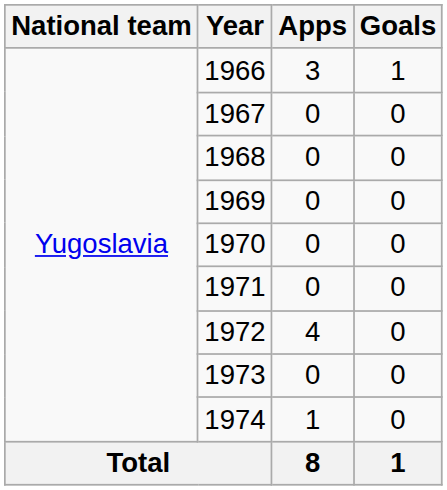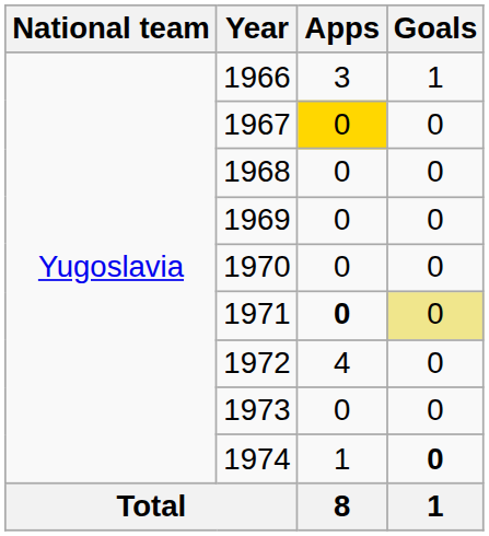 <table class="wikitable" style="text-align:center">
 <tr>
 <th>National team</th>
 <th>Year</th>
 <th>Apps</th>
 <th>Goals</th>
 </tr>
 <tr>
 <td rowspan="9"><a href='#'>Yugoslavia</a></td>
 <td>1966</td>
 <td>3</td>
 <td>1</td>
 </tr>
 <tr>
 <td>1967</td>
-<td>0</td>
+<td style="background: gold;">0</td>
 <td>0</td>
 </tr>
 <tr>
 <td>1968</td>
 <td>0</td>
 <td>0</td>
 </tr>
 <tr>
 <td>1969</td>
 <td>0</td>
 <td>0</td>
 </tr>
 <tr>
 <td>1970</td>
 <td>0</td>
 <td>0</td>
 </tr>
 <tr>
 <td>1971</td>
-<td>0</td>
-<td>0</td>
+<td><strong>0</strong></td>
+<td style="background: khaki;">0</td>
 </tr>
 <tr>
 <td>1972</td>
 <td>4</td>
 <td>0</td>
 </tr>
 <tr>
 <td>1973</td>
 <td>0</td>
 <td>0</td>
 </tr>
 <tr>
 <td>1974</td>
 <td>1</td>
-<td>0</td>
+<td><strong>0</strong></td>
 </tr>
 <tr>
 <th colspan="2">Total</th>
 <th>8</th>
 <th>1</th>
 </tr>
 </table>
